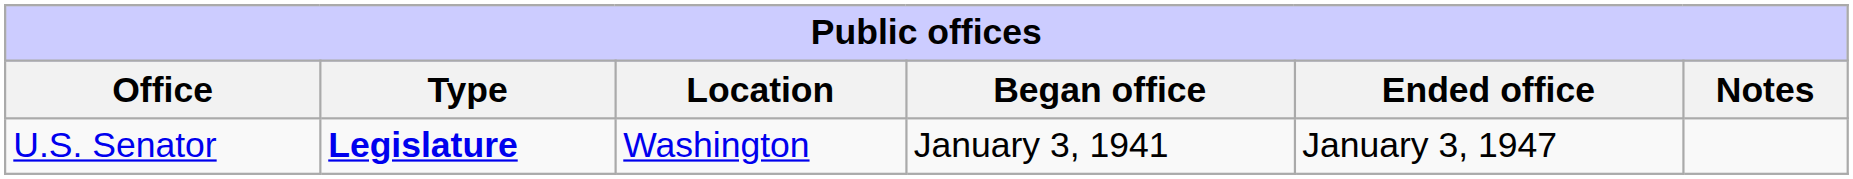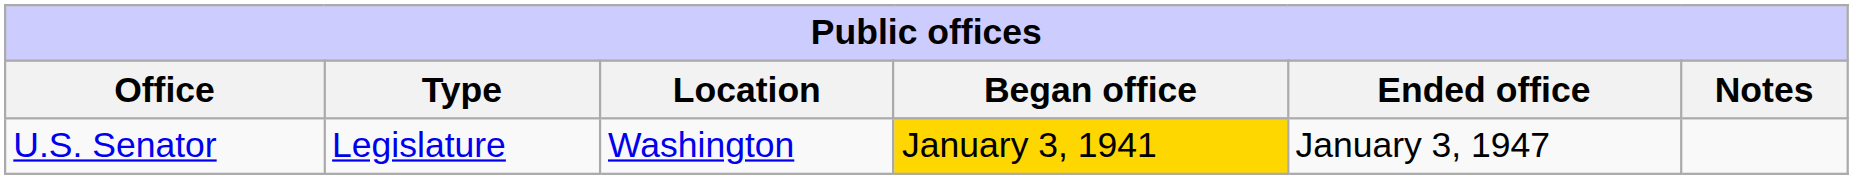 <table class=wikitable style="width: 94%" style="text-align: center;" align="center">
 <tr bgcolor=#cccccc>
 <th colspan=7 style="background: #ccccff;">Public offices</th>
 </tr>
 <tr>
 <th><strong>Office</strong></th>
 <th><strong>Type</strong></th>
 <th><strong>Location</strong></th>
 <th><strong>Began office</strong></th>
 <th><strong>Ended office</strong></th>
 <th><strong>Notes</strong></th>
 </tr>
 <tr>
 <td><a href='#'>U.S. Senator</a></td>
-<td><strong><a href='#'>Legislature</a></strong></td>
+<td><a href='#'>Legislature</a></td>
 <td><a href='#'>Washington</a></td>
-<td>January 3, 1941</td>
+<td style="background: gold;">January 3, 1941</td>
 <td>January 3, 1947</td>
 <td></td>
 </tr>
 </table>
